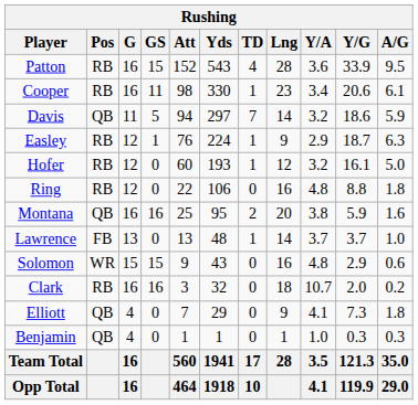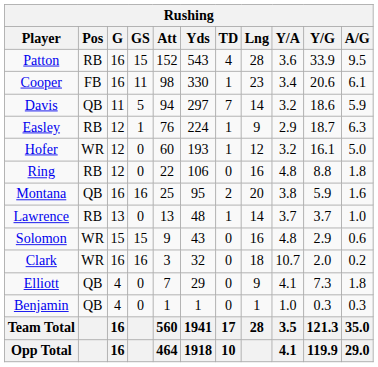 <table class="wikitable" style="text-align:center">
 <tr>
 <th colspan="11">Rushing</th>
 </tr>
 <tr>
 <th>Player</th>
 <th>Pos</th>
 <th>G</th>
 <th>GS</th>
 <th>Att</th>
 <th>Yds</th>
 <th>TD</th>
 <th>Lng</th>
 <th>Y/A</th>
 <th>Y/G</th>
 <th>A/G</th>
 </tr>
 <tr>
 <td><a href='#'>Patton</a></td>
 <td>RB</td>
 <td>16</td>
 <td>15</td>
 <td>152</td>
 <td>543</td>
 <td>4</td>
 <td>28</td>
 <td>3.6</td>
 <td>33.9</td>
 <td>9.5</td>
 </tr>
 <tr>
 <td><a href='#'>Cooper</a></td>
-<td>RB</td>
+<td>FB</td>
 <td>16</td>
 <td>11</td>
 <td>98</td>
 <td>330</td>
 <td>1</td>
 <td>23</td>
 <td>3.4</td>
 <td>20.6</td>
 <td>6.1</td>
 </tr>
 <tr>
 <td><a href='#'>Davis</a></td>
 <td>QB</td>
 <td>11</td>
 <td>5</td>
 <td>94</td>
 <td>297</td>
 <td>7</td>
 <td>14</td>
 <td>3.2</td>
 <td>18.6</td>
 <td>5.9</td>
 </tr>
 <tr>
 <td><a href='#'>Easley</a></td>
 <td>RB</td>
 <td>12</td>
 <td>1</td>
 <td>76</td>
 <td>224</td>
 <td>1</td>
 <td>9</td>
 <td>2.9</td>
 <td>18.7</td>
 <td>6.3</td>
 </tr>
 <tr>
 <td><a href='#'>Hofer</a></td>
-<td>RB</td>
+<td>WR</td>
 <td>12</td>
 <td>0</td>
 <td>60</td>
 <td>193</td>
 <td>1</td>
 <td>12</td>
 <td>3.2</td>
 <td>16.1</td>
 <td>5.0</td>
 </tr>
 <tr>
 <td><a href='#'>Ring</a></td>
 <td>RB</td>
 <td>12</td>
 <td>0</td>
 <td>22</td>
 <td>106</td>
 <td>0</td>
 <td>16</td>
 <td>4.8</td>
 <td>8.8</td>
 <td>1.8</td>
 </tr>
 <tr>
 <td><a href='#'>Montana</a></td>
 <td>QB</td>
 <td>16</td>
 <td>16</td>
 <td>25</td>
 <td>95</td>
 <td>2</td>
 <td>20</td>
 <td>3.8</td>
 <td>5.9</td>
 <td>1.6</td>
 </tr>
 <tr>
 <td><a href='#'>Lawrence</a></td>
-<td>FB</td>
+<td>RB</td>
 <td>13</td>
 <td>0</td>
 <td>13</td>
 <td>48</td>
 <td>1</td>
 <td>14</td>
 <td>3.7</td>
 <td>3.7</td>
 <td>1.0</td>
 </tr>
 <tr>
 <td><a href='#'>Solomon</a></td>
 <td>WR</td>
 <td>15</td>
 <td>15</td>
 <td>9</td>
 <td>43</td>
 <td>0</td>
 <td>16</td>
 <td>4.8</td>
 <td>2.9</td>
 <td>0.6</td>
 </tr>
 <tr>
 <td><a href='#'>Clark</a></td>
-<td>RB</td>
+<td>WR</td>
 <td>16</td>
 <td>16</td>
 <td>3</td>
 <td>32</td>
 <td>0</td>
 <td>18</td>
 <td>10.7</td>
 <td>2.0</td>
 <td>0.2</td>
 </tr>
 <tr>
 <td><a href='#'>Elliott</a></td>
 <td>QB</td>
 <td>4</td>
 <td>0</td>
 <td>7</td>
 <td>29</td>
 <td>0</td>
 <td>9</td>
 <td>4.1</td>
 <td>7.3</td>
 <td>1.8</td>
 </tr>
 <tr>
 <td><a href='#'>Benjamin</a></td>
 <td>QB</td>
 <td>4</td>
 <td>0</td>
 <td>1</td>
 <td>1</td>
 <td>0</td>
 <td>1</td>
 <td>1.0</td>
 <td>0.3</td>
 <td>0.3</td>
 </tr>
 <tr>
 <th>Team Total</th>
 <th></th>
 <th>16</th>
 <th></th>
 <th>560</th>
 <th>1941</th>
 <th>17</th>
 <th>28</th>
 <th>3.5</th>
 <th>121.3</th>
 <th>35.0</th>
 </tr>
 <tr>
 <th>Opp Total</th>
 <th></th>
 <th>16</th>
 <th></th>
 <th>464</th>
 <th>1918</th>
 <th>10</th>
 <th></th>
 <th>4.1</th>
 <th>119.9</th>
 <th>29.0</th>
 </tr>
 </table>
